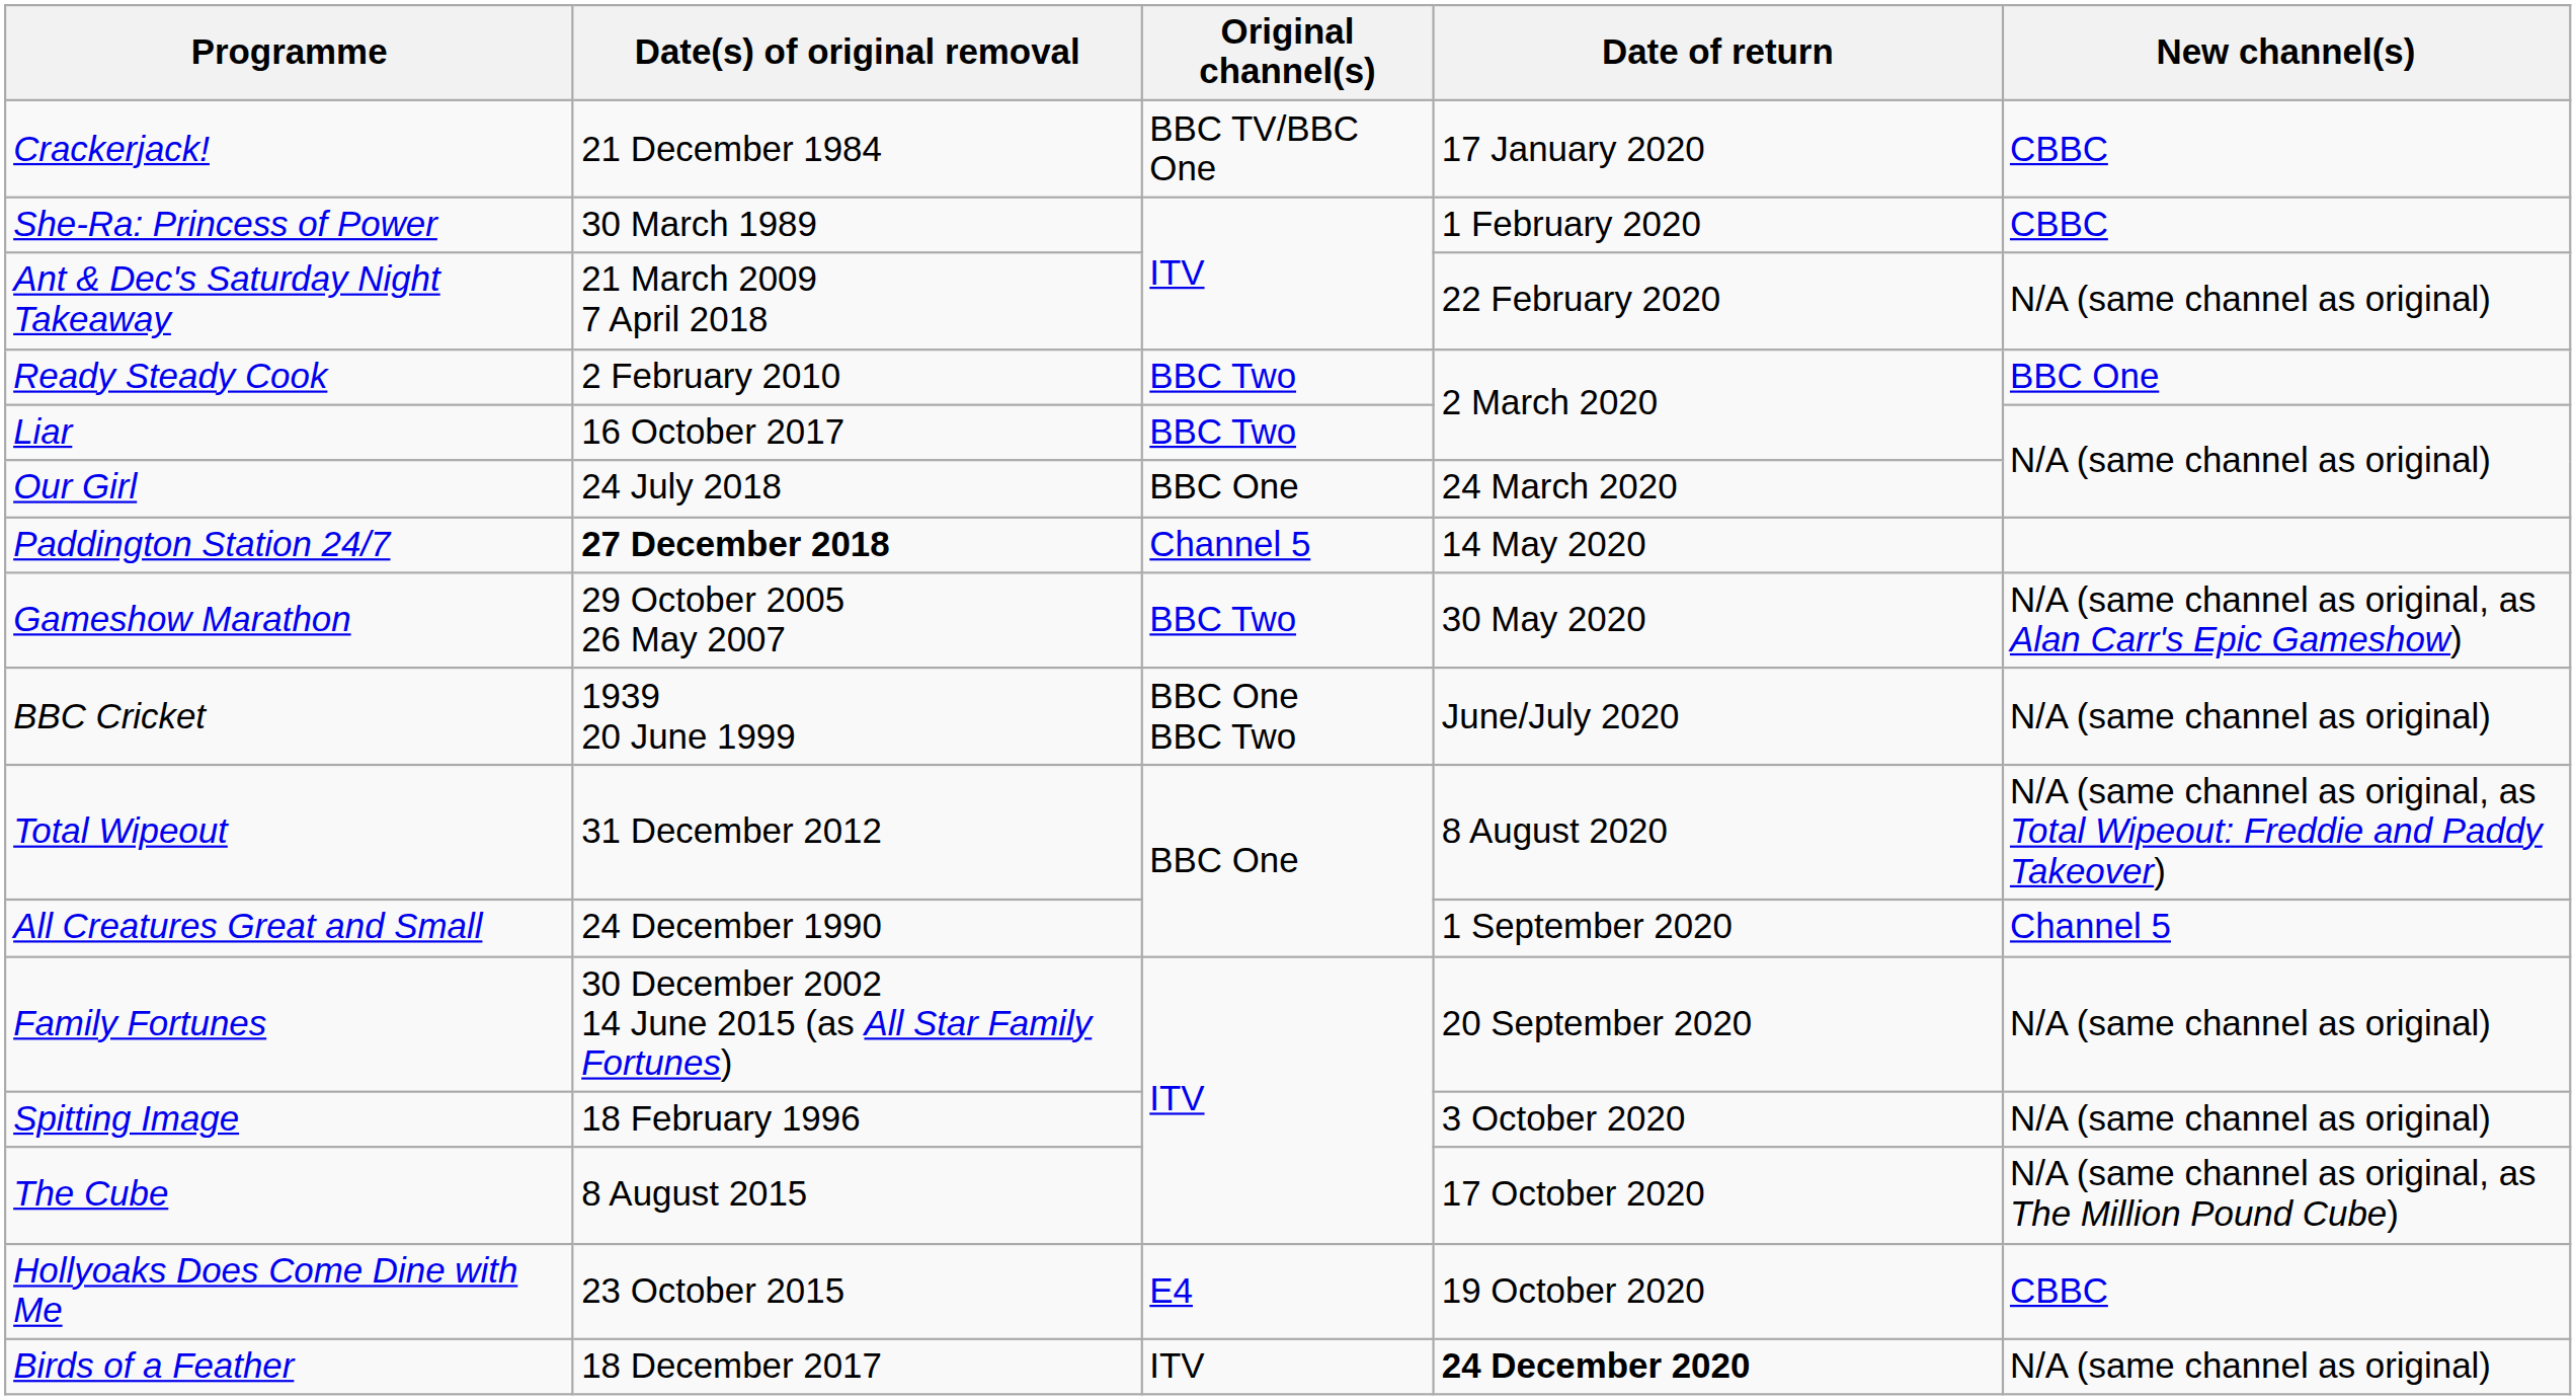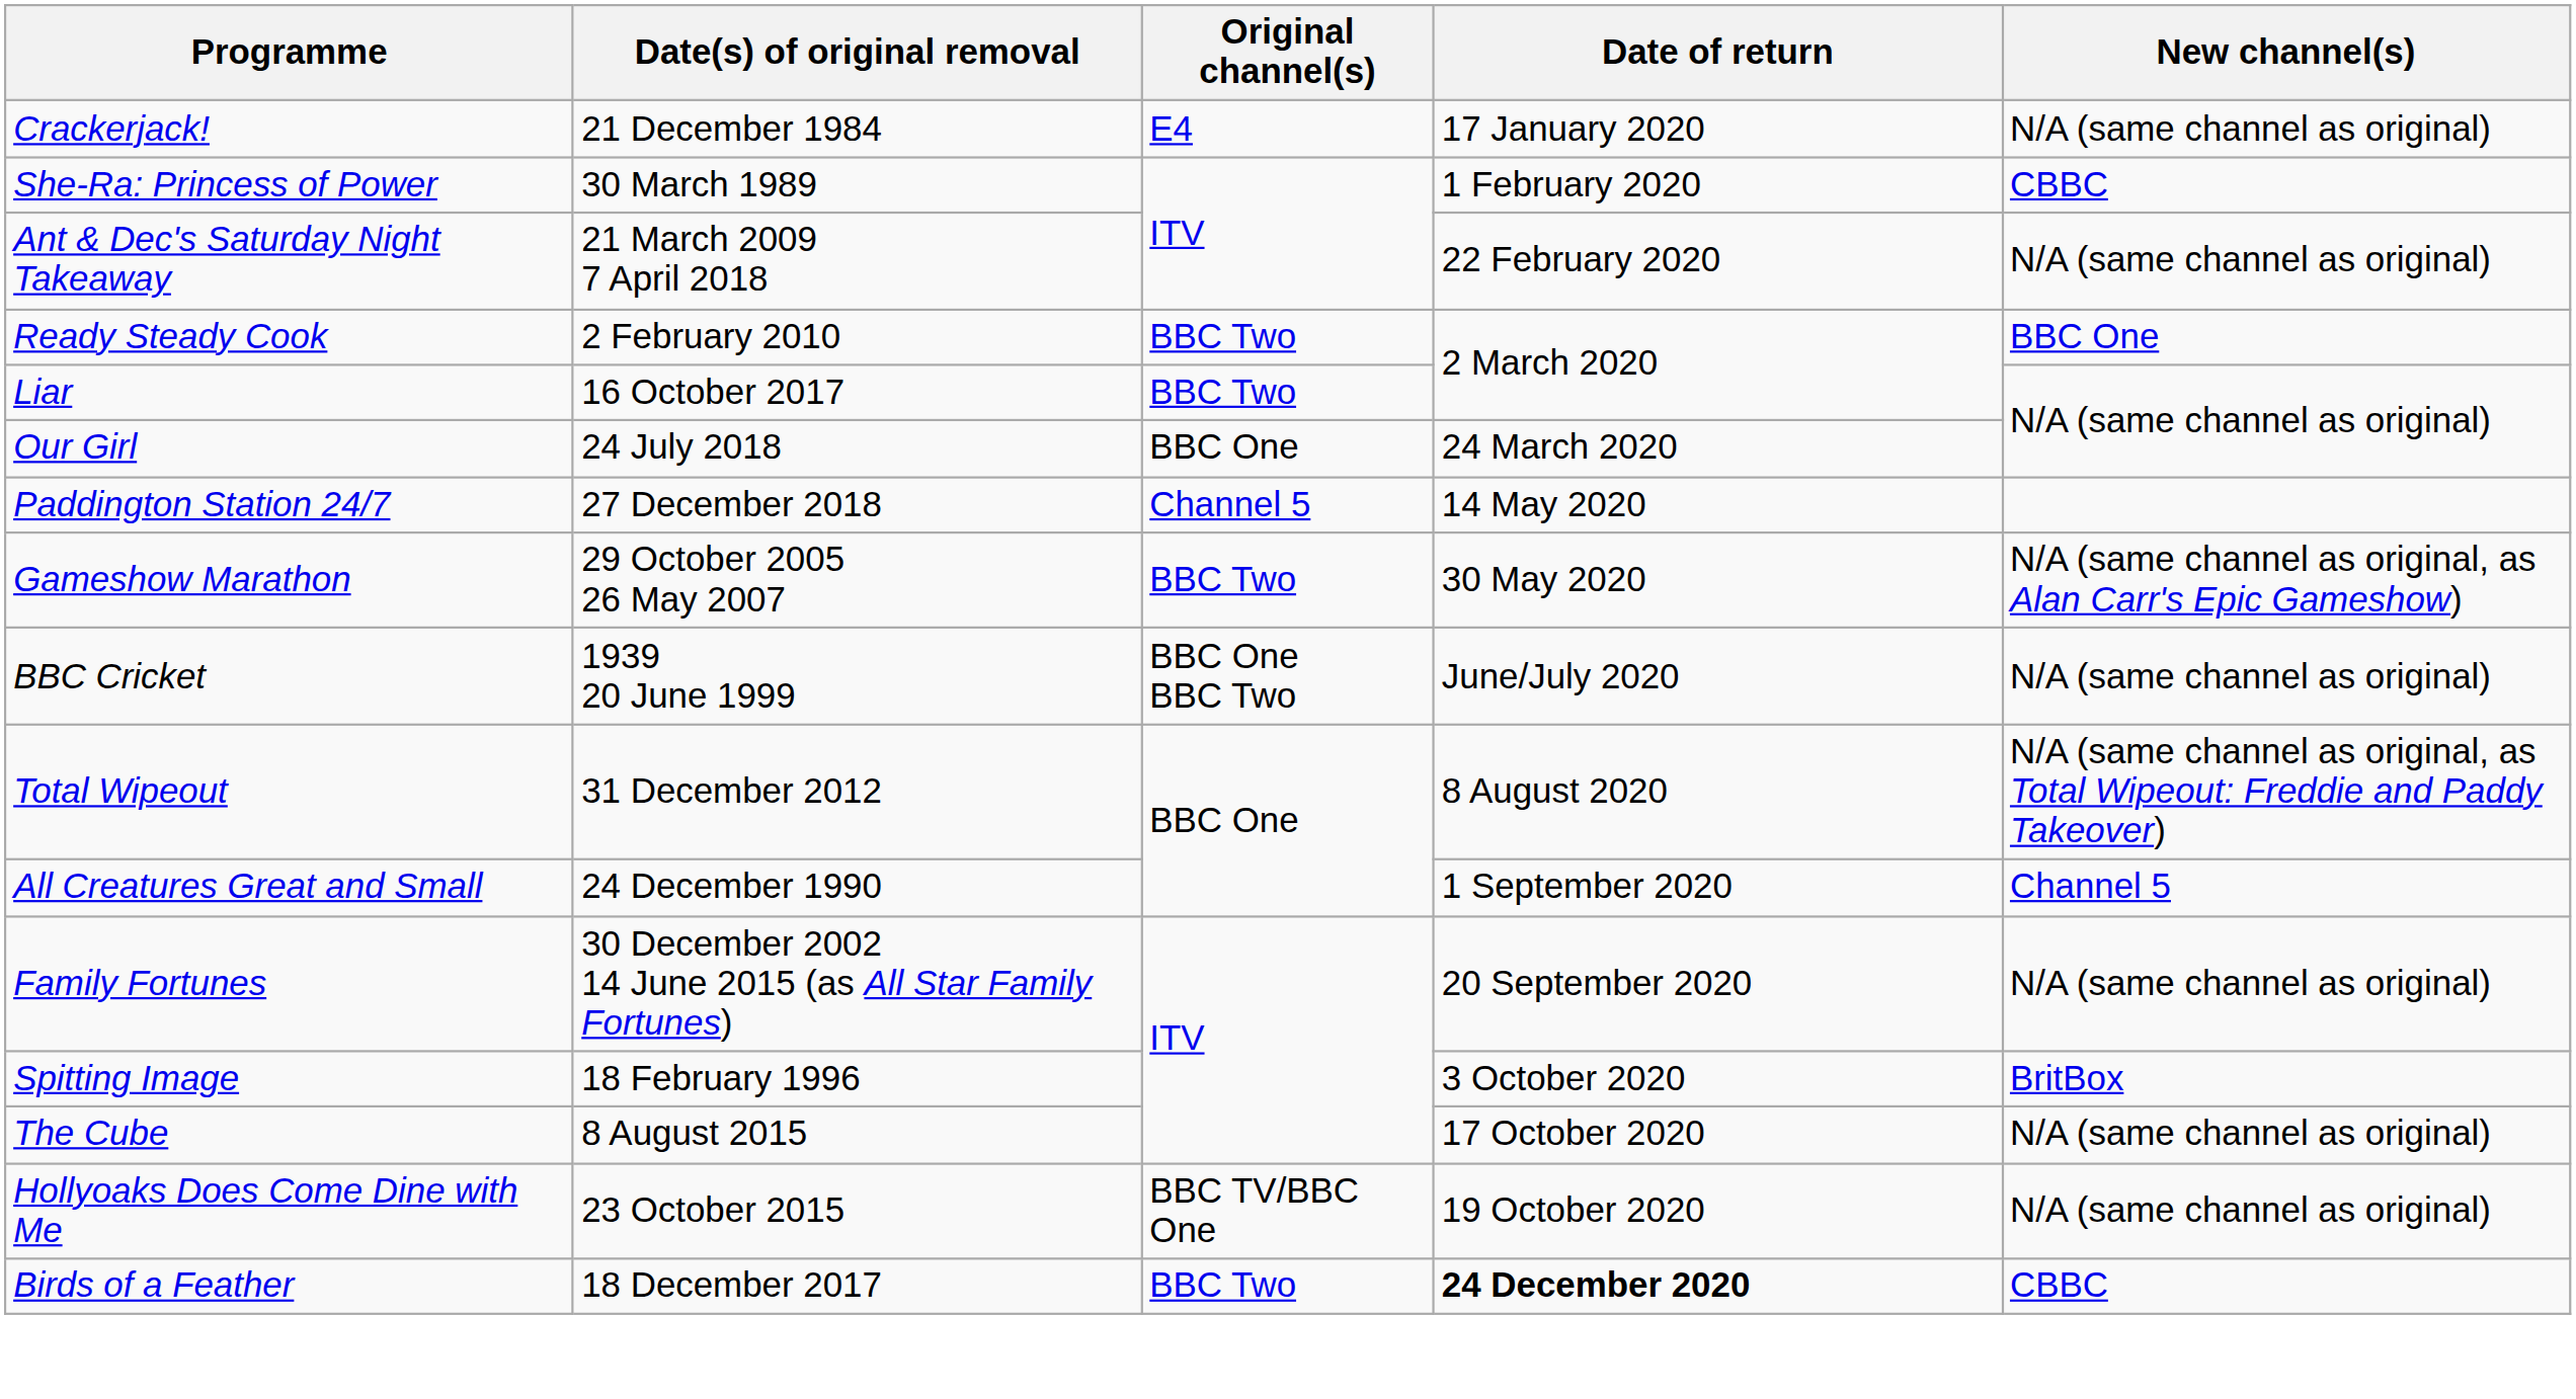 <table class="wikitable">
 <tr>
 <th width=250>Programme</th>
 <th width=125>Date(s) of original removal</th>
 <th width=125>Original channel(s)</th>
 <th width=125>Date of return</th>
 <th width=125>New channel(s)</th>
 </tr>
 <tr>
 <td><em><a href='#'>Crackerjack!</a></em></td>
 <td>21 December 1984</td>
-<td>BBC TV/BBC One</td>
+<td style="width:125px;"><a href='#'>E4</a></td>
 <td>17 January 2020</td>
-<td><a href='#'>CBBC</a></td>
+<td style="width:125px;">N/A (same channel as original)</td>
 </tr>
 <tr>
 <td width=250><em><a href='#'>She-Ra: Princess of Power</a></em></td>
 <td width=125>30 March 1989</td>
 <td style="width:125px;" rowspan="2"><a href='#'>ITV</a></td>
 <td width=125>1 February 2020</td>
 <td><a href='#'>CBBC</a></td>
 </tr>
 <tr>
 <td style="width:250px;"><em><a href='#'>Ant & Dec's Saturday Night Takeaway</a></em></td>
 <td style="width:125px;">21 March 2009<br>7 April 2018</td>
 <td style="width:125px;">22 February 2020</td>
 <td style="width:125px;">N/A (same channel as original)</td>
 </tr>
 <tr>
 <td style="width:250px;"><em><a href='#'>Ready Steady Cook</a></em></td>
 <td style="width:125px;">2 February 2010</td>
 <td style="width:125px;"><a href='#'>BBC Two</a></td>
 <td style="width:125px; "rowspan="2">2 March 2020</td>
 <td style="width:125px;"><a href='#'>BBC One</a></td>
 </tr>
 <tr>
 <td style="width:250px;"><em><a href='#'>Liar</a></em></td>
 <td style="width:125px;">16 October 2017</td>
 <td style="width:125px;"><a href='#'>BBC Two</a></td>
 <td style="width:125px; "rowspan="2">N/A (same channel as original)</td>
 </tr>
 <tr>
 <td style="width:250px;"><em><a href='#'>Our Girl</a></em></td>
 <td style="width:125px;">24 July 2018</td>
 <td style="width:125px;">BBC One</td>
 <td style="width:125px;">24 March 2020</td>
 </tr>
 <tr>
 <td style="width:250px;"><em><a href='#'>Paddington Station 24/7</a></em></td>
-<td style="width:125px;"><strong>27 December 2018</strong></td>
+<td style="width:125px;">27 December 2018</td>
 <td style="width:125px;"><a href='#'>Channel 5</a></td>
 <td style="width:125px;">14 May 2020</td>
 </tr>
 <tr>
 <td><em><a href='#'>Gameshow Marathon</a></em></td>
 <td>29 October 2005<br>26 May 2007</td>
 <td style="width:125px;"><a href='#'>BBC Two</a></td>
 <td>30 May 2020</td>
 <td>N/A (same channel as original, as <em><a href='#'>Alan Carr's Epic Gameshow</a></em>)</td>
 </tr>
 <tr>
 <td style="width:250px;"><em>BBC Cricket</em></td>
 <td style="width:125px;">1939<br>20 June 1999</td>
 <td style="width:125px;">BBC One<br>BBC Two</td>
 <td style="width:125px;">June/July 2020</td>
 <td style="width:125px;">N/A (same channel as original)</td>
 </tr>
 <tr>
 <td style="width:250px;"><em><a href='#'>Total Wipeout</a></em></td>
 <td style="width:125px;">31 December 2012</td>
 <td style="width:125px; "rowspan="2">BBC One</td>
 <td style="width:125px;">8 August 2020</td>
 <td style="width:125px;">N/A (same channel as original, as <em><a href='#'>Total Wipeout: Freddie and Paddy Takeover</a></em>)</td>
 </tr>
 <tr>
 <td style="width:250px;"><em><a href='#'>All Creatures Great and Small</a></em></td>
 <td style="width:125px;">24 December 1990</td>
 <td style="width:125px;">1 September 2020</td>
 <td style="width:125px;"><a href='#'>Channel 5</a></td>
 </tr>
 <tr>
 <td style="width:250px;"><em><a href='#'>Family Fortunes</a></em></td>
 <td style="width:250px;">30 December 2002<br>14 June 2015 (as <em><a href='#'>All Star Family Fortunes</a></em>)</td>
 <td style="width:125px;" rowspan="3"><a href='#'>ITV</a></td>
 <td style="width:250px;">20 September 2020</td>
 <td style="width:250px;">N/A (same channel as original)</td>
 </tr>
 <tr>
 <td style="width:250px;"><em><a href='#'>Spitting Image</a></em></td>
 <td style="width:125px;">18 February 1996</td>
 <td style="width:125px;">3 October 2020</td>
-<td style="width:250px;">N/A (same channel as original)</td>
+<td style="width:125px;"><a href='#'>BritBox</a></td>
 </tr>
 <tr>
 <td style="width:250px;"><em><a href='#'>The Cube</a></em></td>
 <td style="width:125px;">8 August 2015</td>
 <td style="width:125px;">17 October 2020</td>
-<td style="width:125px;">N/A (same channel as original, as <em>The Million Pound Cube</em>)</td>
+<td style="width:125px;">N/A (same channel as original)</td>
 </tr>
 <tr>
 <td style="width:250px;"><em><a href='#'>Hollyoaks Does Come Dine with Me</a></em></td>
 <td style="width:125px;">23 October 2015</td>
-<td style="width:125px;"><a href='#'>E4</a></td>
+<td>BBC TV/BBC One</td>
 <td style="width:125px;">19 October 2020</td>
-<td><a href='#'>CBBC</a></td>
+<td style="width:125px;">N/A (same channel as original)</td>
 </tr>
 <tr>
 <td style="width:250px;"><em><a href='#'>Birds of a Feather</a></em></td>
 <td style="width:125px;">18 December 2017</td>
-<td style="width:125px;">ITV</td>
+<td style="width:125px;"><a href='#'>BBC Two</a></td>
 <td style="width:125px;"><strong>24 December 2020</strong></td>
-<td style="width:125px;">N/A (same channel as original)</td>
+<td><a href='#'>CBBC</a></td>
 </tr>
 </table>
